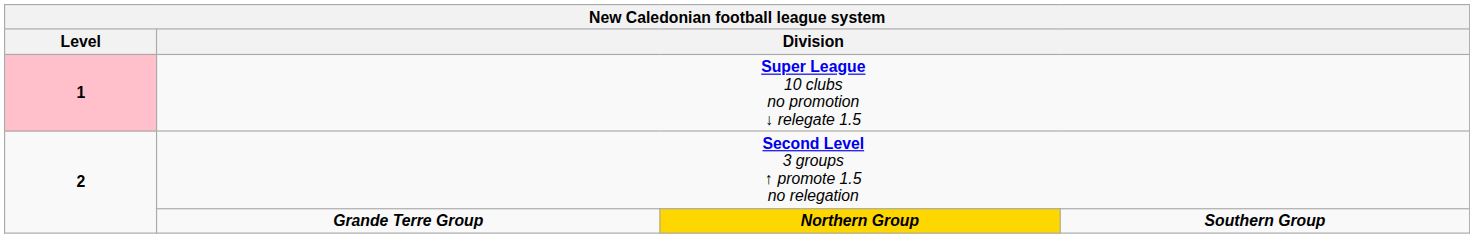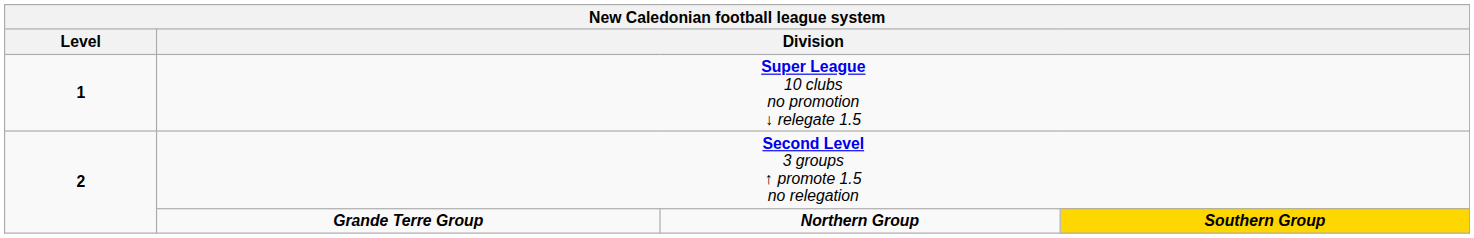 <table class="wikitable" style="text-align: center; font-size: 85%;" width="100%;">
 <tr>
 <th colspan="4">New Caledonian football league system</th>
 </tr>
 <tr>
 <th>Level</th>
 <th colspan="3">Division</th>
 </tr>
 <tr>
-<td style="background: pink;"><strong>1</strong></td>
+<td><strong>1</strong></td>
 <td colspan="3"><strong><a href='#'>Super League</a></strong><br><em>10 clubs</em><br><em>no promotion</em><br>↓ <em>relegate 1.5</em></td>
 </tr>
 <tr>
 <td rowspan="4"><strong>2</strong></td>
 <td colspan="3"><strong><a href='#'>Second Level</a></strong><br><em>3 groups</em><br>↑ <em>promote 1.5</em><br><em>no relegation</em></td>
 </tr>
 <tr>
 <td><strong><em>Grande Terre Group</em></strong></td>
-<td style="background: gold;"><strong><em>Northern Group</em></strong></td>
-<td><strong><em>Southern Group</em></strong></td>
+<td><strong><em>Northern Group</em></strong></td>
+<td style="background: gold;"><strong><em>Southern Group</em></strong></td>
 </tr>
 </table>
